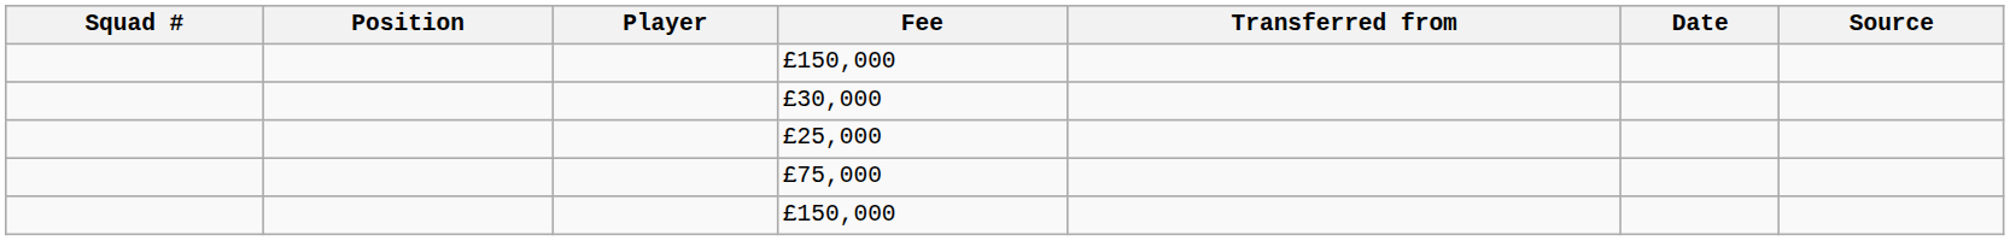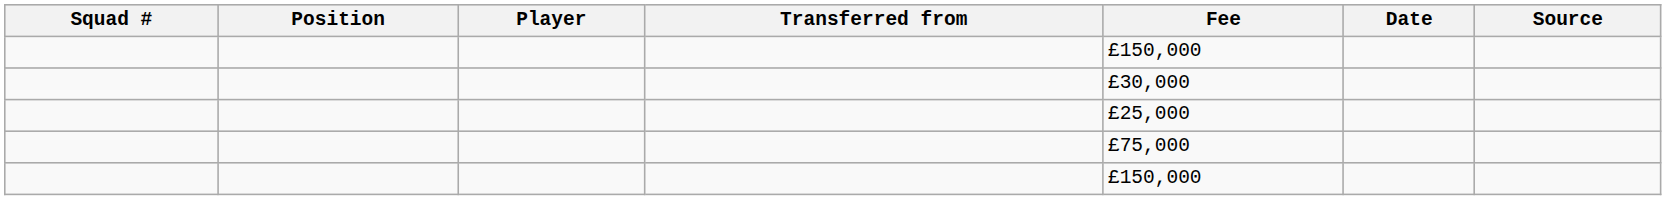 <table width=83% class="wikitable sortable" style="text-align:center; font-size:95%; text-align:left">
 <tr>
 <th><strong>Squad #</strong></th>
 <th><strong>Position</strong></th>
 <th><strong>Player</strong></th>
+<th><strong>Transferred from</strong></th>
 <th><strong>Fee</strong></th>
-<th><strong>Transferred from</strong></th>
 <th><strong>Date</strong></th>
 <th><strong>Source</strong></th>
 </tr>
 <tr>
 <td></td>
 <td></td>
 <td></td>
+<td></td>
 <td>£150,000</td>
-<td></td>
 <td></td>
 <td></td>
 </tr>
 <tr>
 <td></td>
 <td></td>
 <td></td>
+<td></td>
 <td>£30,000</td>
-<td></td>
 <td></td>
 <td></td>
 </tr>
 <tr>
 <td></td>
 <td></td>
 <td></td>
+<td></td>
 <td>£25,000</td>
-<td></td>
 <td></td>
 <td></td>
 </tr>
 <tr>
 <td></td>
 <td></td>
 <td></td>
+<td></td>
 <td>£75,000</td>
-<td></td>
 <td></td>
 <td></td>
 </tr>
 <tr>
 <td></td>
 <td></td>
 <td></td>
+<td></td>
 <td>£150,000</td>
-<td></td>
 <td></td>
 <td></td>
 </tr>
 </table>
